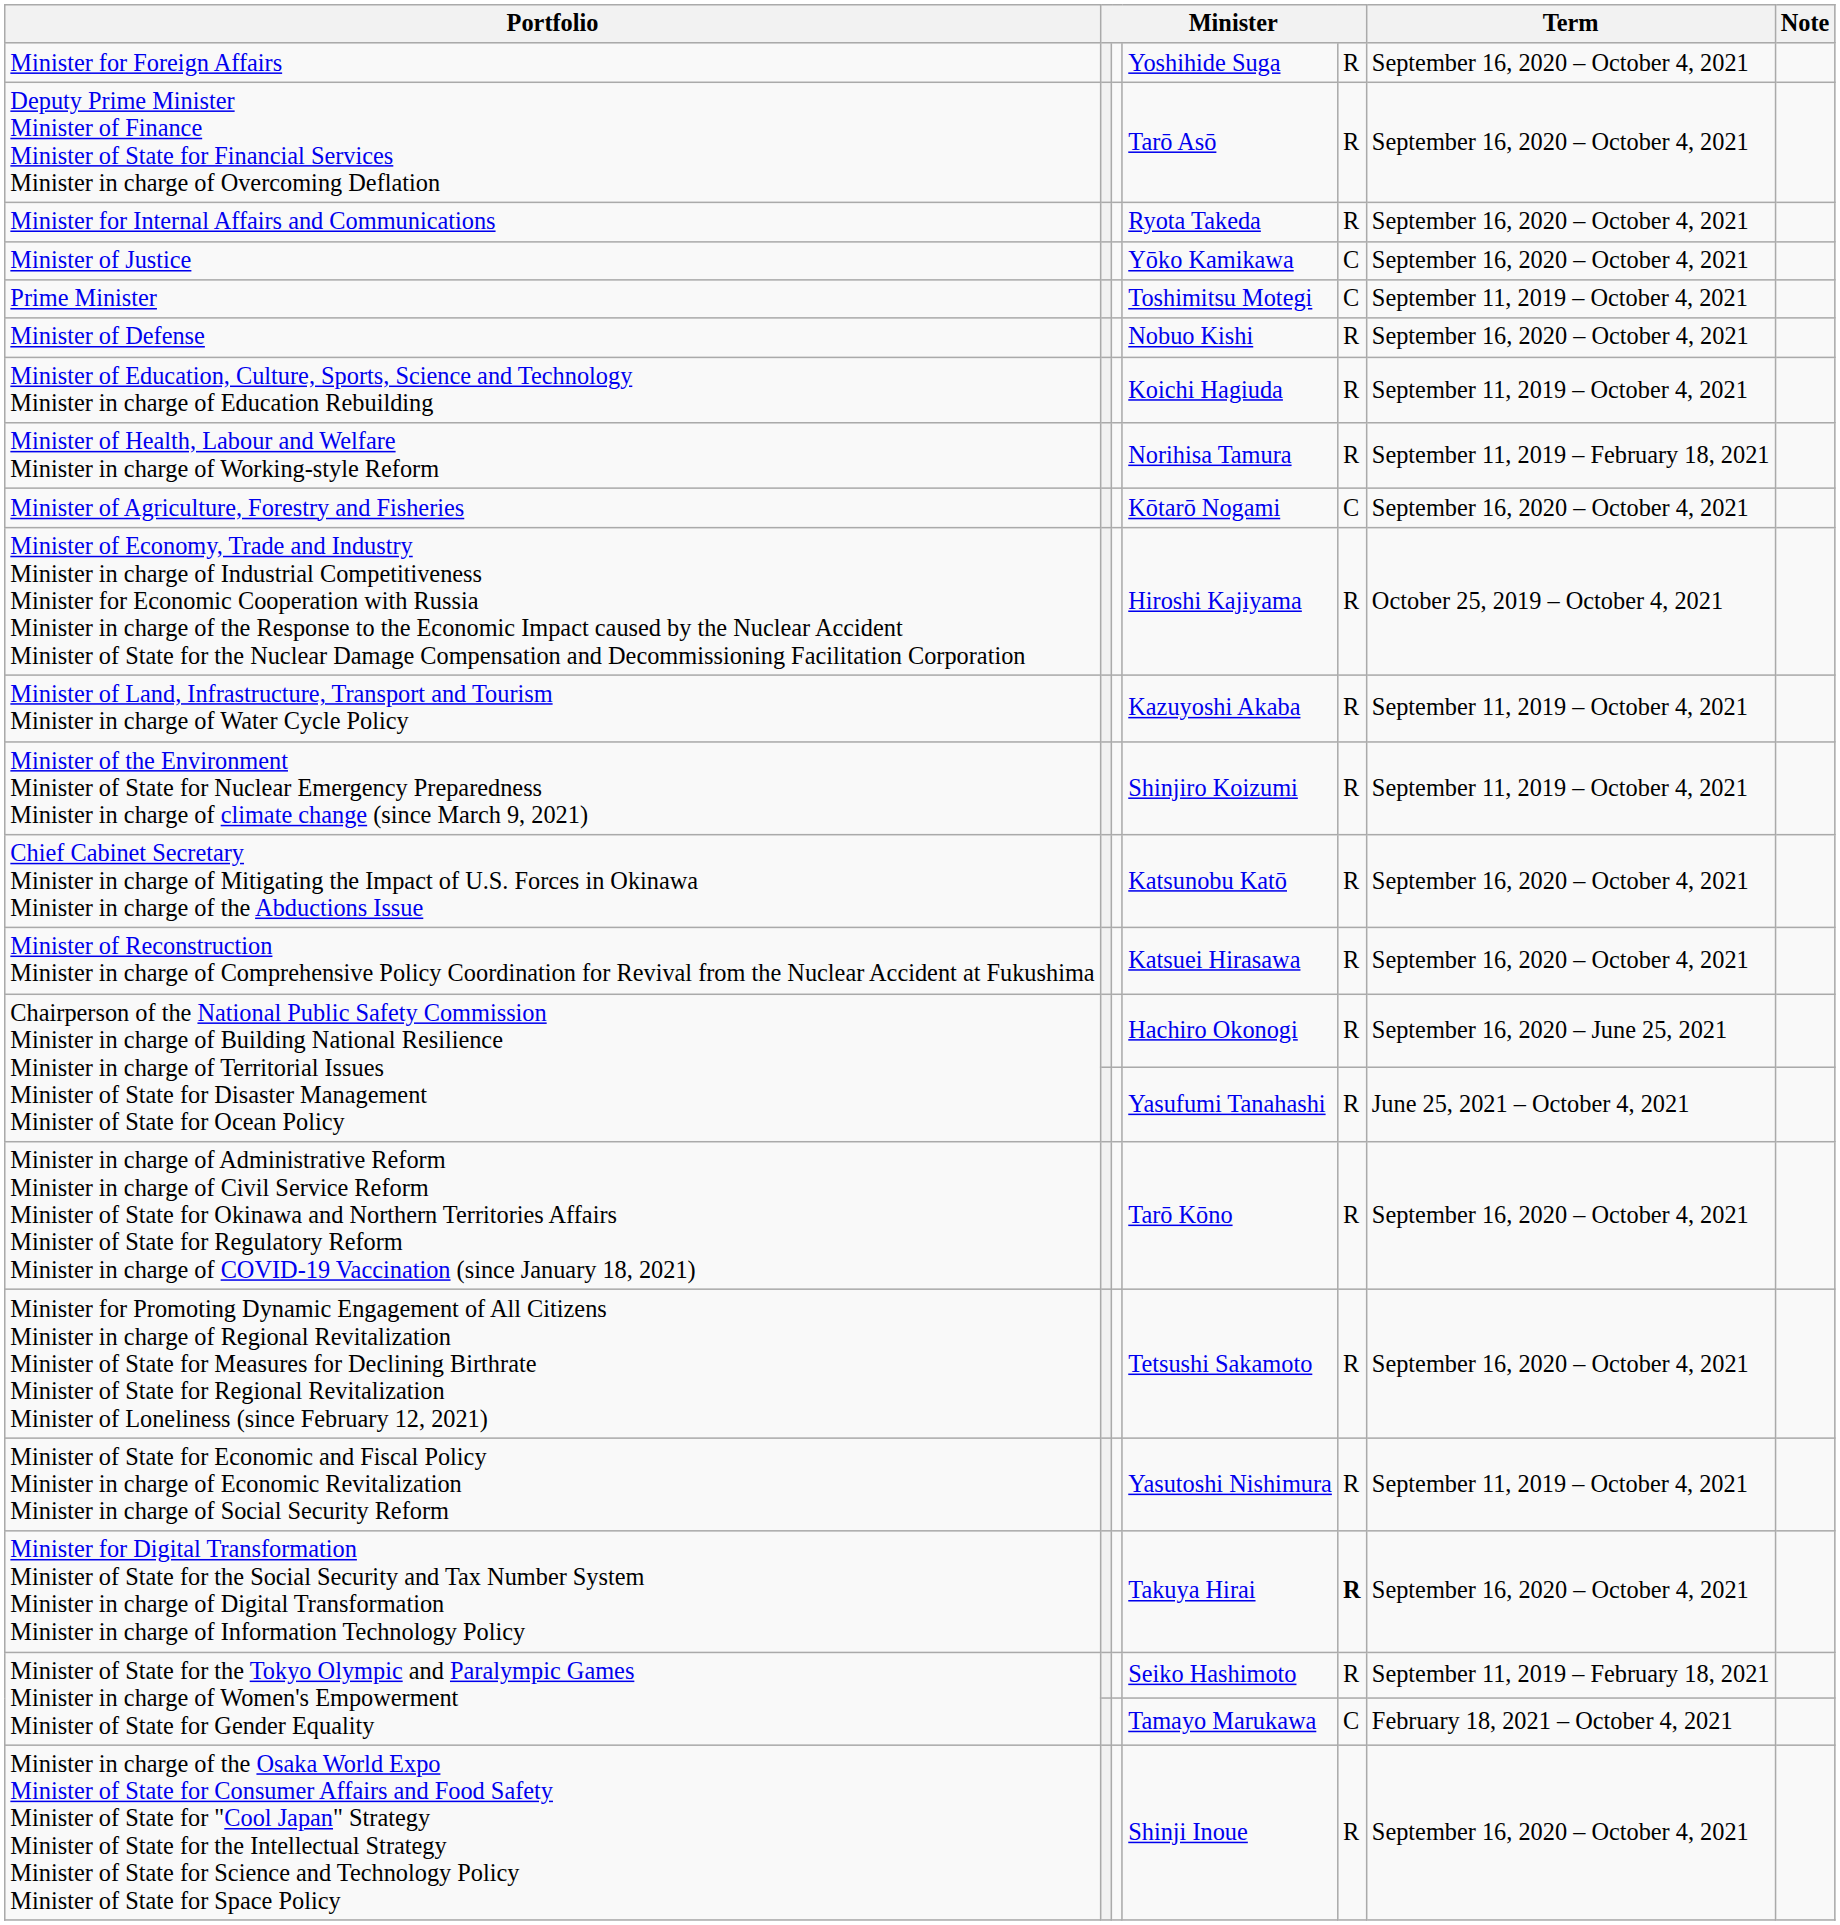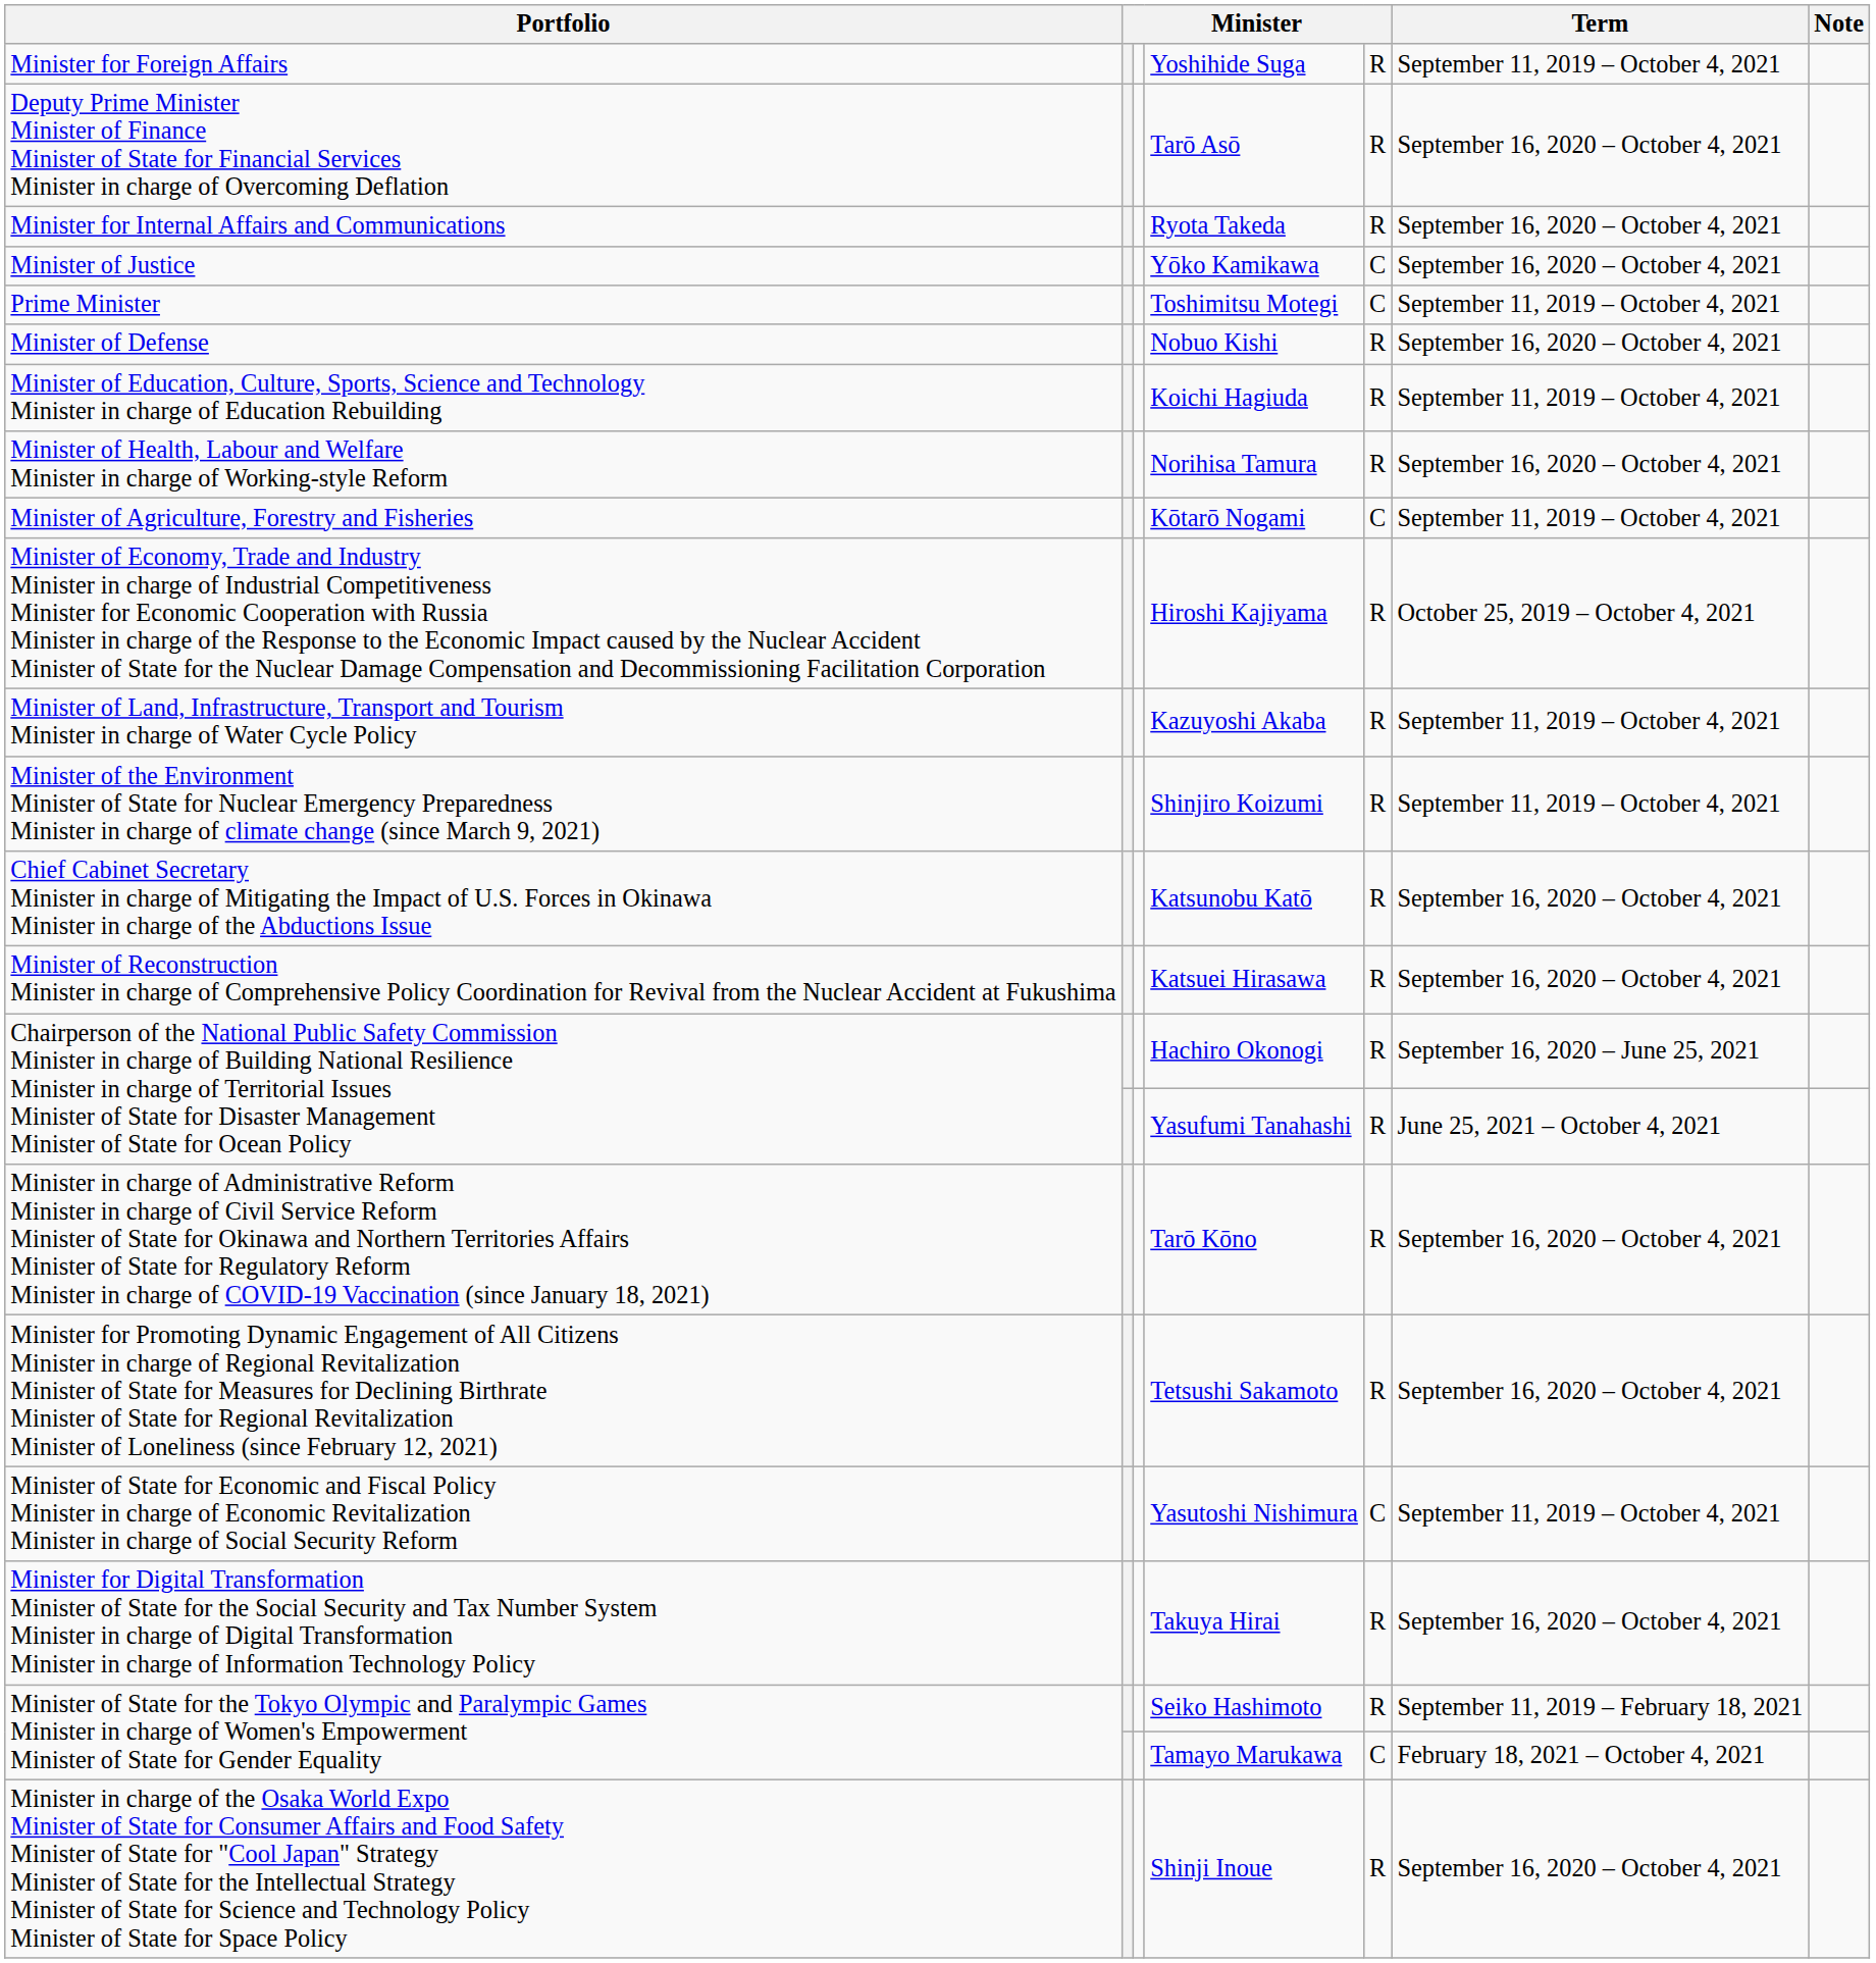 <table class="wikitable">
 <tr>
 <th>Portfolio</th>
 <th colspan="4">Minister</th>
 <th>Term</th>
 <th>Note</th>
 </tr>
 <tr>
 <td><a href='#'>Minister for Foreign Affairs</a></td>
 <th style="color:inherit;background-color: "></th>
 <td></td>
 <td><a href='#'>Yoshihide Suga</a></td>
 <td>R</td>
-<td>September 16, 2020 – October 4, 2021</td>
+<td>September 11, 2019 – October 4, 2021</td>
 <td></td>
 </tr>
 <tr>
 <td><a href='#'>Deputy Prime Minister</a><br><a href='#'>Minister of Finance</a><br><a href='#'>Minister of State for Financial Services</a><br>Minister in charge of Overcoming Deflation</td>
 <th style="color:inherit;background-color: "></th>
 <td></td>
 <td><a href='#'>Tarō Asō</a></td>
 <td>R</td>
 <td>September 16, 2020 – October 4, 2021</td>
 <td></td>
 </tr>
 <tr>
 <td><a href='#'>Minister for Internal Affairs and Communications</a></td>
 <th style="color:inherit;background-color: "></th>
 <td></td>
 <td><a href='#'>Ryota Takeda</a></td>
 <td>R</td>
 <td>September 16, 2020 – October 4, 2021</td>
 <td></td>
 </tr>
 <tr>
 <td><a href='#'>Minister of Justice</a></td>
 <th style="color:inherit;background-color: "></th>
 <td></td>
 <td><a href='#'>Yōko Kamikawa</a></td>
 <td>C</td>
 <td>September 16, 2020 – October 4, 2021</td>
 <td></td>
 </tr>
 <tr>
 <td><a href='#'>Prime Minister</a></td>
 <th style="color:inherit;background-color: "></th>
 <td></td>
 <td><a href='#'>Toshimitsu Motegi</a></td>
 <td>C</td>
 <td>September 11, 2019 – October 4, 2021</td>
 <td></td>
 </tr>
 <tr>
 <td><a href='#'>Minister of Defense</a></td>
 <th style="color:inherit;background-color: "></th>
 <td></td>
 <td><a href='#'>Nobuo Kishi</a></td>
 <td>R</td>
 <td>September 16, 2020 – October 4, 2021</td>
 <td></td>
 </tr>
 <tr>
 <td><a href='#'>Minister of Education, Culture, Sports, Science and Technology</a><br>Minister in charge of Education Rebuilding</td>
 <th style="color:inherit;background-color: "></th>
 <td></td>
 <td><a href='#'>Koichi Hagiuda</a></td>
 <td>R</td>
 <td>September 11, 2019 – October 4, 2021</td>
 <td></td>
 </tr>
 <tr>
 <td><a href='#'>Minister of Health, Labour and Welfare</a><br>Minister in charge of Working-style Reform</td>
 <th style="color:inherit;background-color: "></th>
 <td></td>
 <td><a href='#'>Norihisa Tamura</a></td>
 <td>R</td>
-<td>September 11, 2019 – February 18, 2021</td>
+<td>September 16, 2020 – October 4, 2021</td>
 <td></td>
 </tr>
 <tr>
 <td><a href='#'>Minister of Agriculture, Forestry and Fisheries</a></td>
 <th style="color:inherit;background-color: "></th>
 <td></td>
 <td><a href='#'>Kōtarō Nogami</a></td>
 <td>C</td>
-<td>September 16, 2020 – October 4, 2021</td>
+<td>September 11, 2019 – October 4, 2021</td>
 <td></td>
 </tr>
 <tr>
 <td><a href='#'>Minister of Economy, Trade and Industry</a><br>Minister in charge of Industrial Competitiveness<br>Minister for Economic Cooperation with Russia<br>Minister in charge of the Response to the Economic Impact caused by the Nuclear Accident<br>Minister of State for the Nuclear Damage Compensation and Decommissioning Facilitation Corporation</td>
 <th style="color:inherit;background-color: "></th>
 <td></td>
 <td><a href='#'>Hiroshi Kajiyama</a></td>
 <td>R</td>
 <td>October 25, 2019 – October 4, 2021</td>
 <td></td>
 </tr>
 <tr>
 <td><a href='#'>Minister of Land, Infrastructure, Transport and Tourism</a><br>Minister in charge of Water Cycle Policy</td>
 <th style="color:inherit;background-color: "></th>
 <td></td>
 <td><a href='#'>Kazuyoshi Akaba</a></td>
 <td>R</td>
 <td>September 11, 2019 – October 4, 2021</td>
 <td></td>
 </tr>
 <tr>
 <td><a href='#'>Minister of the Environment</a><br>Minister of State for Nuclear Emergency Preparedness<br>Minister in charge of <a href='#'>climate change</a> (since March 9, 2021)</td>
 <th style="color:inherit;background-color: "></th>
 <td></td>
 <td><a href='#'>Shinjiro Koizumi</a></td>
 <td>R</td>
 <td>September 11, 2019 – October 4, 2021</td>
 <td></td>
 </tr>
 <tr>
 <td><a href='#'>Chief Cabinet Secretary</a><br>Minister in charge of Mitigating the Impact of U.S. Forces in Okinawa<br>Minister in charge of the <a href='#'>Abductions Issue</a></td>
 <th style="color:inherit;background-color: "></th>
 <td></td>
 <td><a href='#'>Katsunobu Katō</a></td>
 <td>R</td>
 <td>September 16, 2020 – October 4, 2021</td>
 <td></td>
 </tr>
 <tr>
 <td><a href='#'>Minister of Reconstruction</a><br>Minister in charge of Comprehensive Policy Coordination for Revival from the Nuclear Accident at Fukushima</td>
 <th style="color:inherit;background-color: "></th>
 <td></td>
 <td><a href='#'>Katsuei Hirasawa</a></td>
 <td>R</td>
 <td>September 16, 2020 – October 4, 2021</td>
 <td></td>
 </tr>
 <tr>
 <td rowspan=2>Chairperson of the <a href='#'>National Public Safety Commission</a><br>Minister in charge of Building National Resilience<br>Minister in charge of Territorial Issues<br>Minister of State for Disaster Management<br>Minister of State for Ocean Policy</td>
 <th style="color:inherit;background-color: "></th>
 <td></td>
 <td><a href='#'>Hachiro Okonogi</a></td>
 <td>R</td>
 <td>September 16, 2020 – June 25, 2021</td>
 <td></td>
 </tr>
 <tr>
 <th style="color:inherit;background-color: "></th>
 <td></td>
 <td><a href='#'>Yasufumi Tanahashi</a></td>
 <td>R</td>
 <td>June 25, 2021 – October 4, 2021</td>
 <td></td>
 </tr>
 <tr>
 <td>Minister in charge of Administrative Reform<br>Minister in charge of Civil Service Reform<br>Minister of State for Okinawa and Northern Territories Affairs<br>Minister of State for Regulatory Reform<br>Minister in charge of <a href='#'>COVID-19 Vaccination</a> (since January 18, 2021)</td>
 <th style="color:inherit;background-color: "></th>
 <td></td>
 <td><a href='#'>Tarō Kōno</a></td>
 <td>R</td>
 <td>September 16, 2020 – October 4, 2021</td>
 <td></td>
 </tr>
 <tr>
 <td>Minister for Promoting Dynamic Engagement of All Citizens<br>Minister in charge of Regional Revitalization<br>Minister of State for Measures for Declining Birthrate<br>Minister of State for Regional Revitalization<br>Minister of Loneliness (since February 12, 2021)</td>
 <th style="color:inherit;background-color: "></th>
 <td></td>
 <td><a href='#'>Tetsushi Sakamoto</a></td>
 <td>R</td>
 <td>September 16, 2020 – October 4, 2021</td>
 <td></td>
 </tr>
 <tr>
 <td>Minister of State for Economic and Fiscal Policy<br>Minister in charge of Economic Revitalization<br>Minister in charge of Social Security Reform</td>
 <th style="color:inherit;background-color: "></th>
 <td></td>
 <td><a href='#'>Yasutoshi Nishimura</a></td>
-<td>R</td>
+<td>C</td>
 <td>September 11, 2019 – October 4, 2021</td>
 <td></td>
 </tr>
 <tr>
 <td><a href='#'>Minister for Digital Transformation</a><br>Minister of State for the Social Security and Tax Number System<br>Minister in charge of Digital Transformation<br>Minister in charge of Information Technology Policy</td>
 <th style="color:inherit;background-color: "></th>
 <td></td>
 <td><a href='#'>Takuya Hirai</a></td>
-<td><strong>R</strong></td>
+<td>R</td>
 <td>September 16, 2020 – October 4, 2021</td>
 <td></td>
 </tr>
 <tr>
 <td rowspan=2>Minister of State for the <a href='#'>Tokyo Olympic</a> and <a href='#'>Paralympic Games</a><br>Minister in charge of Women's Empowerment<br>Minister of State for Gender Equality</td>
 <th style="color:inherit;background-color: "></th>
 <td></td>
 <td><a href='#'>Seiko Hashimoto</a></td>
 <td>R</td>
 <td>September 11, 2019 – February 18, 2021</td>
 <td></td>
 </tr>
 <tr>
 <th style="color:inherit;background-color: "></th>
 <td></td>
 <td><a href='#'>Tamayo Marukawa</a></td>
 <td>C</td>
 <td>February 18, 2021 – October 4, 2021</td>
 <td></td>
 </tr>
 <tr>
 <td>Minister in charge of the <a href='#'>Osaka World Expo</a><br><a href='#'>Minister of State for Consumer Affairs and Food Safety</a><br>Minister of State for "<a href='#'>Cool Japan</a>" Strategy<br>Minister of State for the Intellectual Strategy<br>Minister of State for Science and Technology Policy<br>Minister of State for Space Policy</td>
 <th style="color:inherit;background-color: "></th>
 <td></td>
 <td><a href='#'>Shinji Inoue</a></td>
 <td>R</td>
 <td>September 16, 2020 – October 4, 2021</td>
 <td></td>
 </tr>
 </table>
